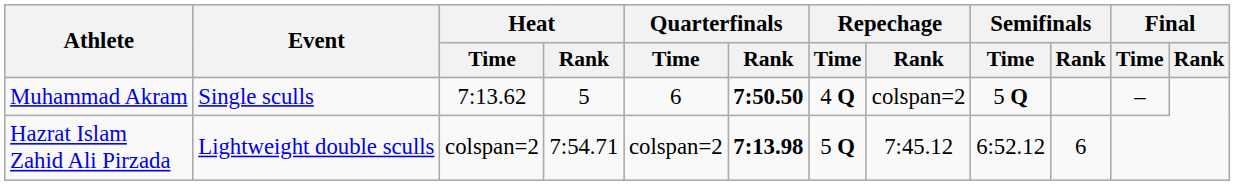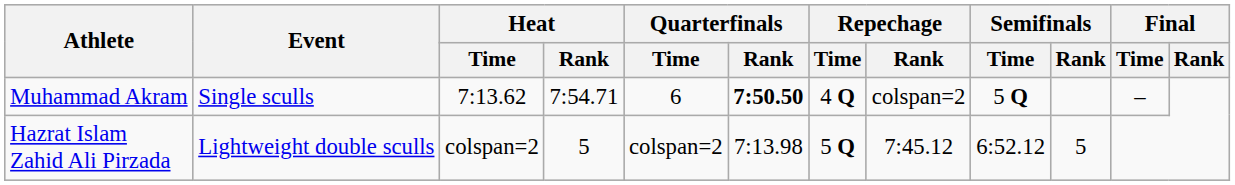 <table class=wikitable style=font-size:90%;text-align:center>
 <tr>
 <th rowspan=2>Athlete</th>
 <th rowspan=2>Event</th>
 <th colspan=2>Heat</th>
 <th colspan=2>Quarterfinals</th>
 <th colspan=2>Repechage</th>
 <th colspan=2>Semifinals</th>
 <th colspan=2>Final</th>
 </tr>
 <tr style=font-size:95%>
 <th>Time</th>
 <th>Rank</th>
 <th>Time</th>
 <th>Rank</th>
 <th>Time</th>
 <th>Rank</th>
 <th>Time</th>
 <th>Rank</th>
 <th>Time</th>
 <th>Rank</th>
 </tr>
 <tr>
 <td align=left><a href='#'>Muhammad Akram</a></td>
 <td align=left><a href='#'>Single sculls</a></td>
 <td>7:13.62</td>
-<td>5</td>
+<td>7:54.71</td>
 <td>6</td>
 <td><strong>7:50.50</strong></td>
 <td>4 <strong>Q</strong></td>
 <td>colspan=2 </td>
 <td>5 <strong>Q</strong></td>
 <td></td>
 <td>–</td>
 </tr>
 <tr>
 <td align=left><a href='#'>Hazrat Islam</a><br><a href='#'>Zahid Ali Pirzada</a></td>
 <td align=left><a href='#'>Lightweight double sculls</a></td>
 <td>colspan=2 </td>
-<td>7:54.71</td>
+<td>5</td>
 <td>colspan=2 </td>
-<td><strong>7:13.98</strong></td>
+<td>7:13.98</td>
 <td>5 <strong>Q</strong></td>
 <td>7:45.12</td>
 <td>6:52.12</td>
-<td>6</td>
+<td>5</td>
 </tr>
 </table>
